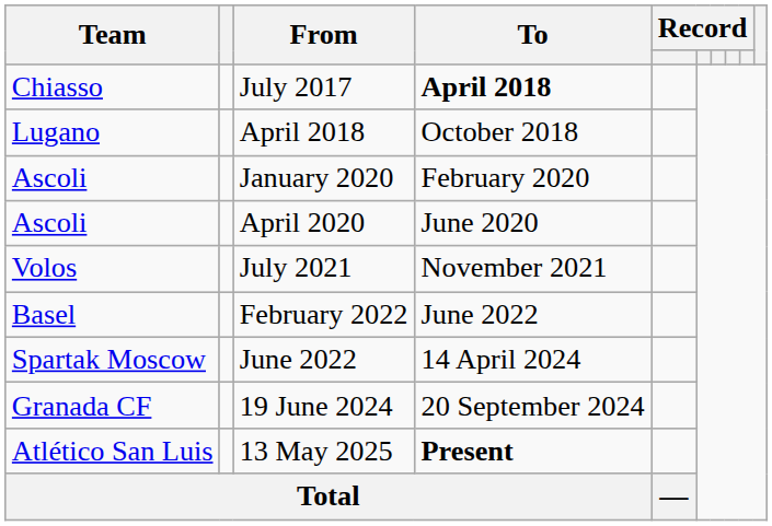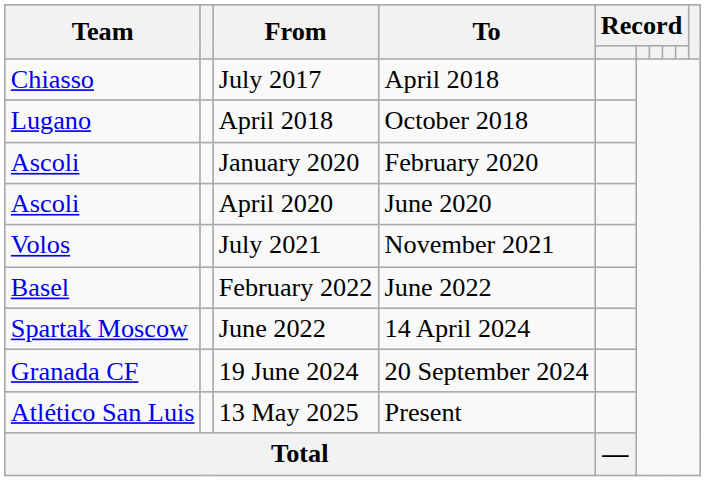 <table class=wikitable style="text-align: center">
 <tr>
 <th rowspan=2>Team</th>
 <th rowspan=2></th>
 <th rowspan=2>From</th>
 <th rowspan=2>To</th>
 <th colspan=5>Record</th>
 <th rowspan=2></th>
 </tr>
 <tr>
 <th></th>
 <th></th>
 <th></th>
 <th></th>
 <th></th>
 </tr>
 <tr>
 <td align=left><a href='#'>Chiasso</a></td>
 <td></td>
 <td align=left>July 2017</td>
-<td align=left><strong>April 2018<br></strong></td>
+<td align=left>April 2018<br></td>
 <td></td>
 </tr>
 <tr>
 <td align=left><a href='#'>Lugano</a></td>
 <td></td>
 <td align=left>April 2018</td>
 <td align=left>October 2018<br></td>
 <td></td>
 </tr>
 <tr>
 <td align=left><a href='#'>Ascoli</a></td>
 <td></td>
 <td align=left>January 2020</td>
 <td align=left>February 2020<br></td>
 <td></td>
 </tr>
 <tr>
 <td align=left><a href='#'>Ascoli</a></td>
 <td></td>
 <td align=left>April 2020</td>
 <td align=left>June 2020<br></td>
 <td></td>
 </tr>
 <tr>
 <td align=left><a href='#'>Volos</a></td>
 <td></td>
 <td align=left>July 2021</td>
 <td align=left>November 2021<br></td>
 <td></td>
 </tr>
 <tr>
 <td align=left><a href='#'>Basel</a></td>
 <td></td>
 <td align=left>February 2022</td>
 <td align=left>June 2022<br></td>
 <td></td>
 </tr>
 <tr>
 <td align=left><a href='#'>Spartak Moscow</a></td>
 <td></td>
 <td align=left>June 2022</td>
 <td align=left>14 April 2024<br></td>
 <td></td>
 </tr>
 <tr>
 <td align=left><a href='#'>Granada CF</a></td>
 <td></td>
 <td align=left>19 June 2024</td>
 <td align=left>20 September 2024<br></td>
 <td></td>
 </tr>
 <tr>
 <td align=left><a href='#'>Atlético San Luis</a></td>
 <td></td>
 <td align=left>13 May 2025</td>
-<td align=left><strong>Present<br></strong></td>
+<td align=left>Present<br></td>
 <td></td>
 </tr>
 <tr>
 <th colspan=4>Total<br></th>
 <th>—</th>
 </tr>
 </table>
